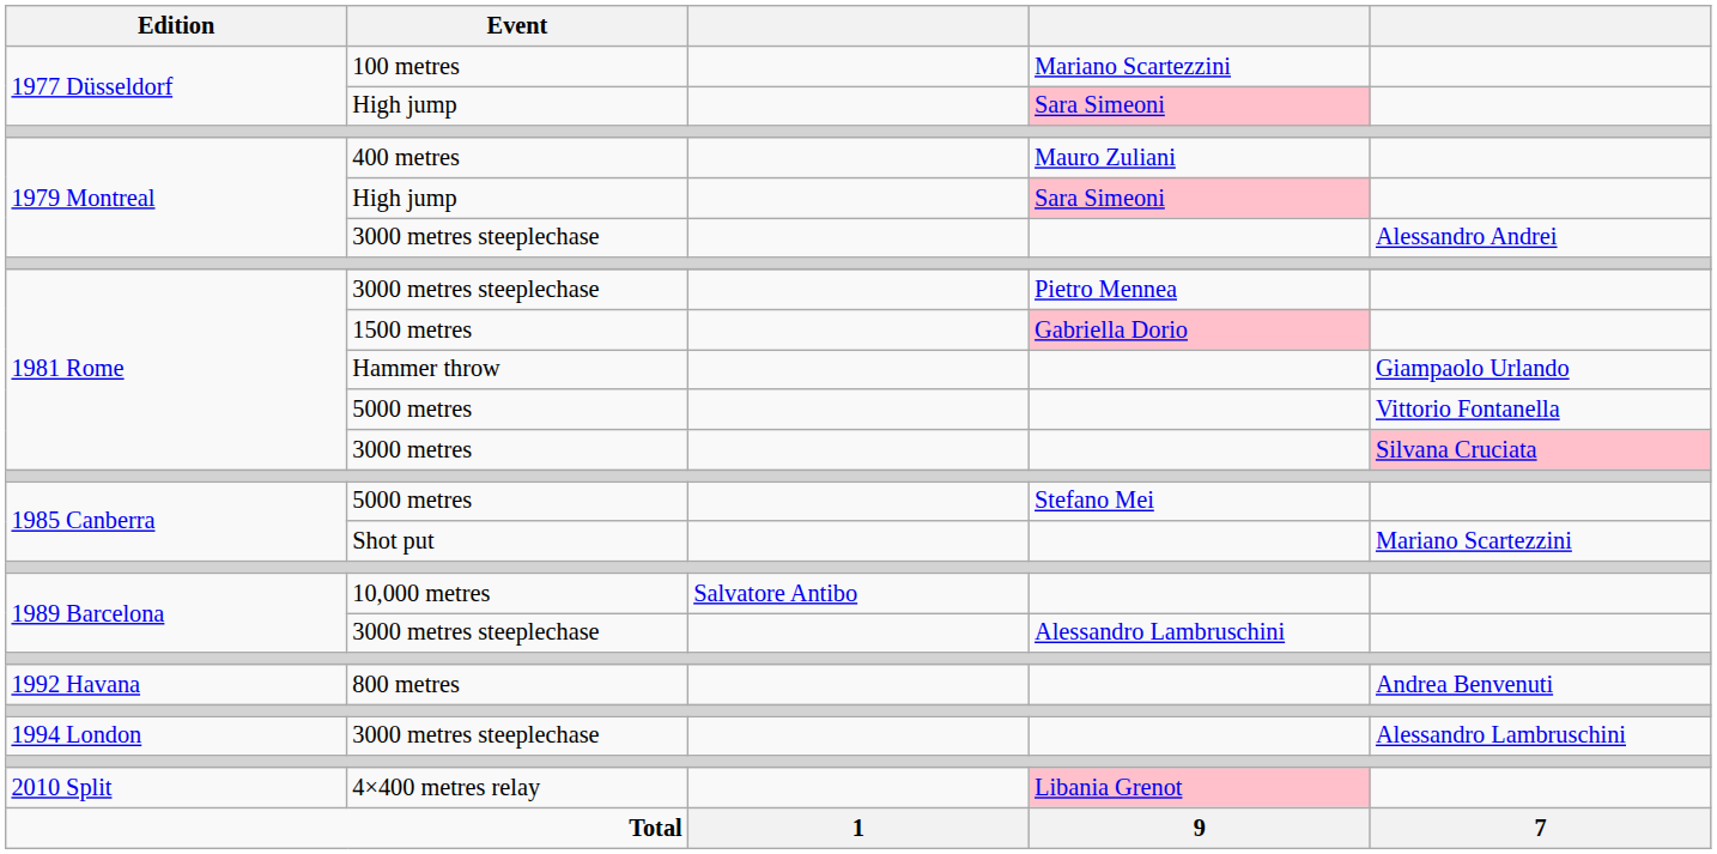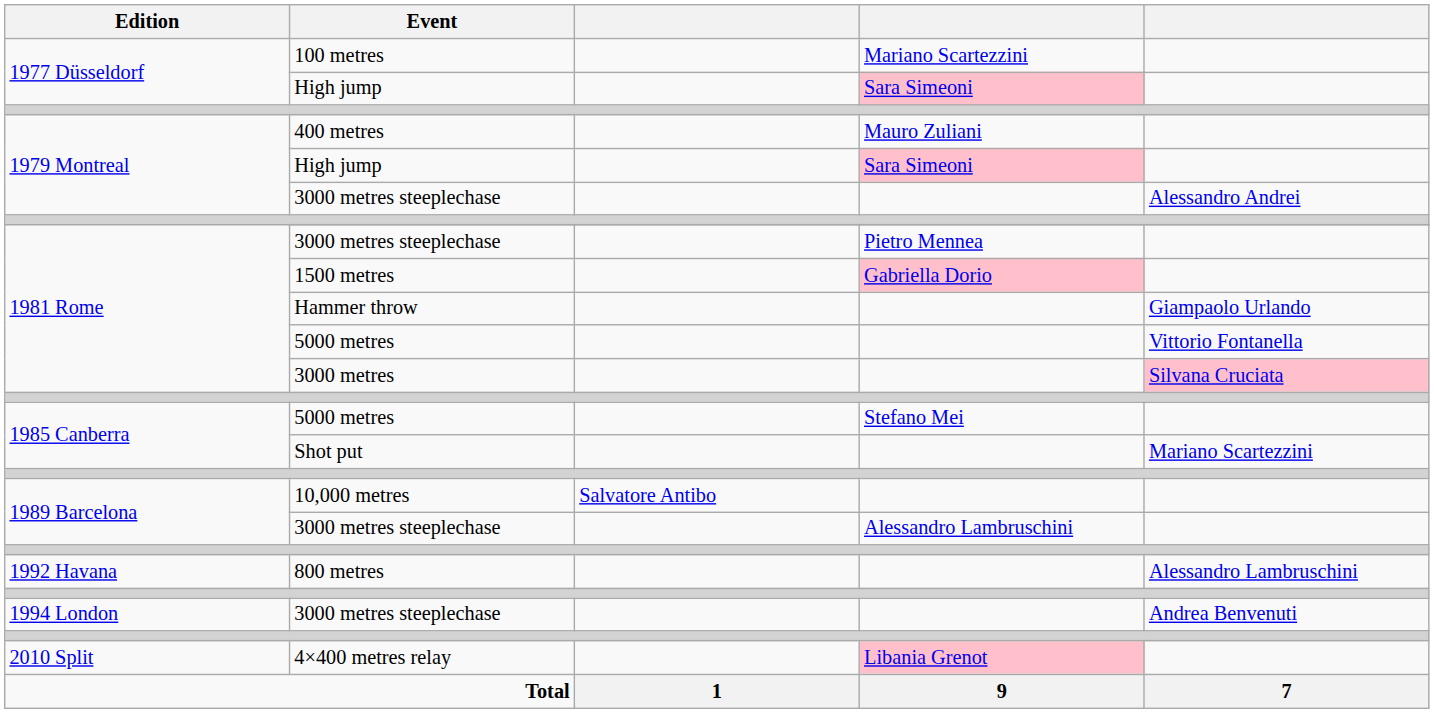 <table class="wikitable" width=80% style="font-size:90%; text-align:left;">
 <tr>
 <th width=20%>Edition</th>
 <th width=20%>Event</th>
 <th width=20%></th>
 <th width=20%></th>
 <th width=20%></th>
 </tr>
 <tr>
 <td rowspan=2> <a href='#'>1977 Düsseldorf</a></td>
 <td>100 metres</td>
 <td></td>
 <td><a href='#'>Mariano Scartezzini</a></td>
 <td></td>
 </tr>
 <tr>
 <td>High jump</td>
 <td></td>
 <td bgcolor=pink><a href='#'>Sara Simeoni</a></td>
 <td></td>
 </tr>
 <tr bgcolor=lightgrey>
 <td colspan=5></td>
 </tr>
 <tr>
 <td rowspan=3> <a href='#'>1979 Montreal</a></td>
 <td>400 metres</td>
 <td></td>
 <td><a href='#'>Mauro Zuliani</a></td>
 <td></td>
 </tr>
 <tr>
 <td>High jump</td>
 <td></td>
 <td bgcolor=pink><a href='#'>Sara Simeoni</a></td>
 <td></td>
 </tr>
 <tr>
 <td>3000 metres steeplechase</td>
 <td></td>
 <td></td>
 <td><a href='#'>Alessandro Andrei</a></td>
 </tr>
 <tr bgcolor=lightgrey>
 <td colspan=5></td>
 </tr>
 <tr>
 <td rowspan=6> <a href='#'>1981 Rome</a></td>
 </tr>
 <tr>
 <td>3000 metres steeplechase</td>
 <td></td>
 <td><a href='#'>Pietro Mennea</a></td>
 <td></td>
 </tr>
 <tr>
 <td>1500 metres</td>
 <td></td>
 <td bgcolor=pink><a href='#'>Gabriella Dorio</a></td>
 <td></td>
 </tr>
 <tr>
 <td>Hammer throw</td>
 <td></td>
 <td></td>
 <td><a href='#'>Giampaolo Urlando</a></td>
 </tr>
 <tr>
 <td>5000 metres</td>
 <td></td>
 <td></td>
 <td><a href='#'>Vittorio Fontanella</a></td>
 </tr>
 <tr>
 <td>3000 metres</td>
 <td></td>
 <td></td>
 <td bgcolor=pink><a href='#'>Silvana Cruciata</a></td>
 </tr>
 <tr bgcolor=lightgrey>
 <td colspan=5></td>
 </tr>
 <tr>
 <td rowspan=2> <a href='#'>1985 Canberra</a></td>
 <td>5000 metres</td>
 <td></td>
 <td><a href='#'>Stefano Mei</a></td>
 <td></td>
 </tr>
 <tr>
 <td>Shot put</td>
 <td></td>
 <td></td>
 <td><a href='#'>Mariano Scartezzini</a></td>
 </tr>
 <tr bgcolor=lightgrey>
 <td colspan=5></td>
 </tr>
 <tr>
 <td rowspan=2> <a href='#'>1989 Barcelona</a></td>
 <td>10,000 metres</td>
 <td><a href='#'>Salvatore Antibo</a></td>
 <td></td>
 <td></td>
 </tr>
 <tr>
 <td>3000 metres steeplechase</td>
 <td></td>
 <td><a href='#'>Alessandro Lambruschini</a></td>
 <td></td>
 </tr>
 <tr bgcolor=lightgrey>
 <td colspan=5></td>
 </tr>
 <tr>
 <td rowspan=1> <a href='#'>1992 Havana</a></td>
 <td>800 metres</td>
 <td></td>
 <td></td>
-<td><a href='#'>Andrea Benvenuti</a></td>
+<td><a href='#'>Alessandro Lambruschini</a></td>
 </tr>
 <tr bgcolor=lightgrey>
 <td colspan=5></td>
 </tr>
 <tr>
 <td rowspan=1> <a href='#'>1994 London</a></td>
 <td>3000 metres steeplechase</td>
 <td></td>
 <td></td>
-<td><a href='#'>Alessandro Lambruschini</a></td>
+<td><a href='#'>Andrea Benvenuti</a></td>
 </tr>
 <tr bgcolor=lightgrey>
 <td colspan=5></td>
 </tr>
 <tr>
 <td rowspan=1> <a href='#'>2010 Split</a></td>
 <td>4×400 metres relay</td>
 <td></td>
 <td bgcolor=pink><a href='#'>Libania Grenot</a></td>
 <td></td>
 </tr>
 <tr>
 <td colspan=2 align=right><strong>Total</strong></td>
 <th>1</th>
 <th>9</th>
 <th>7</th>
 </tr>
 </table>
